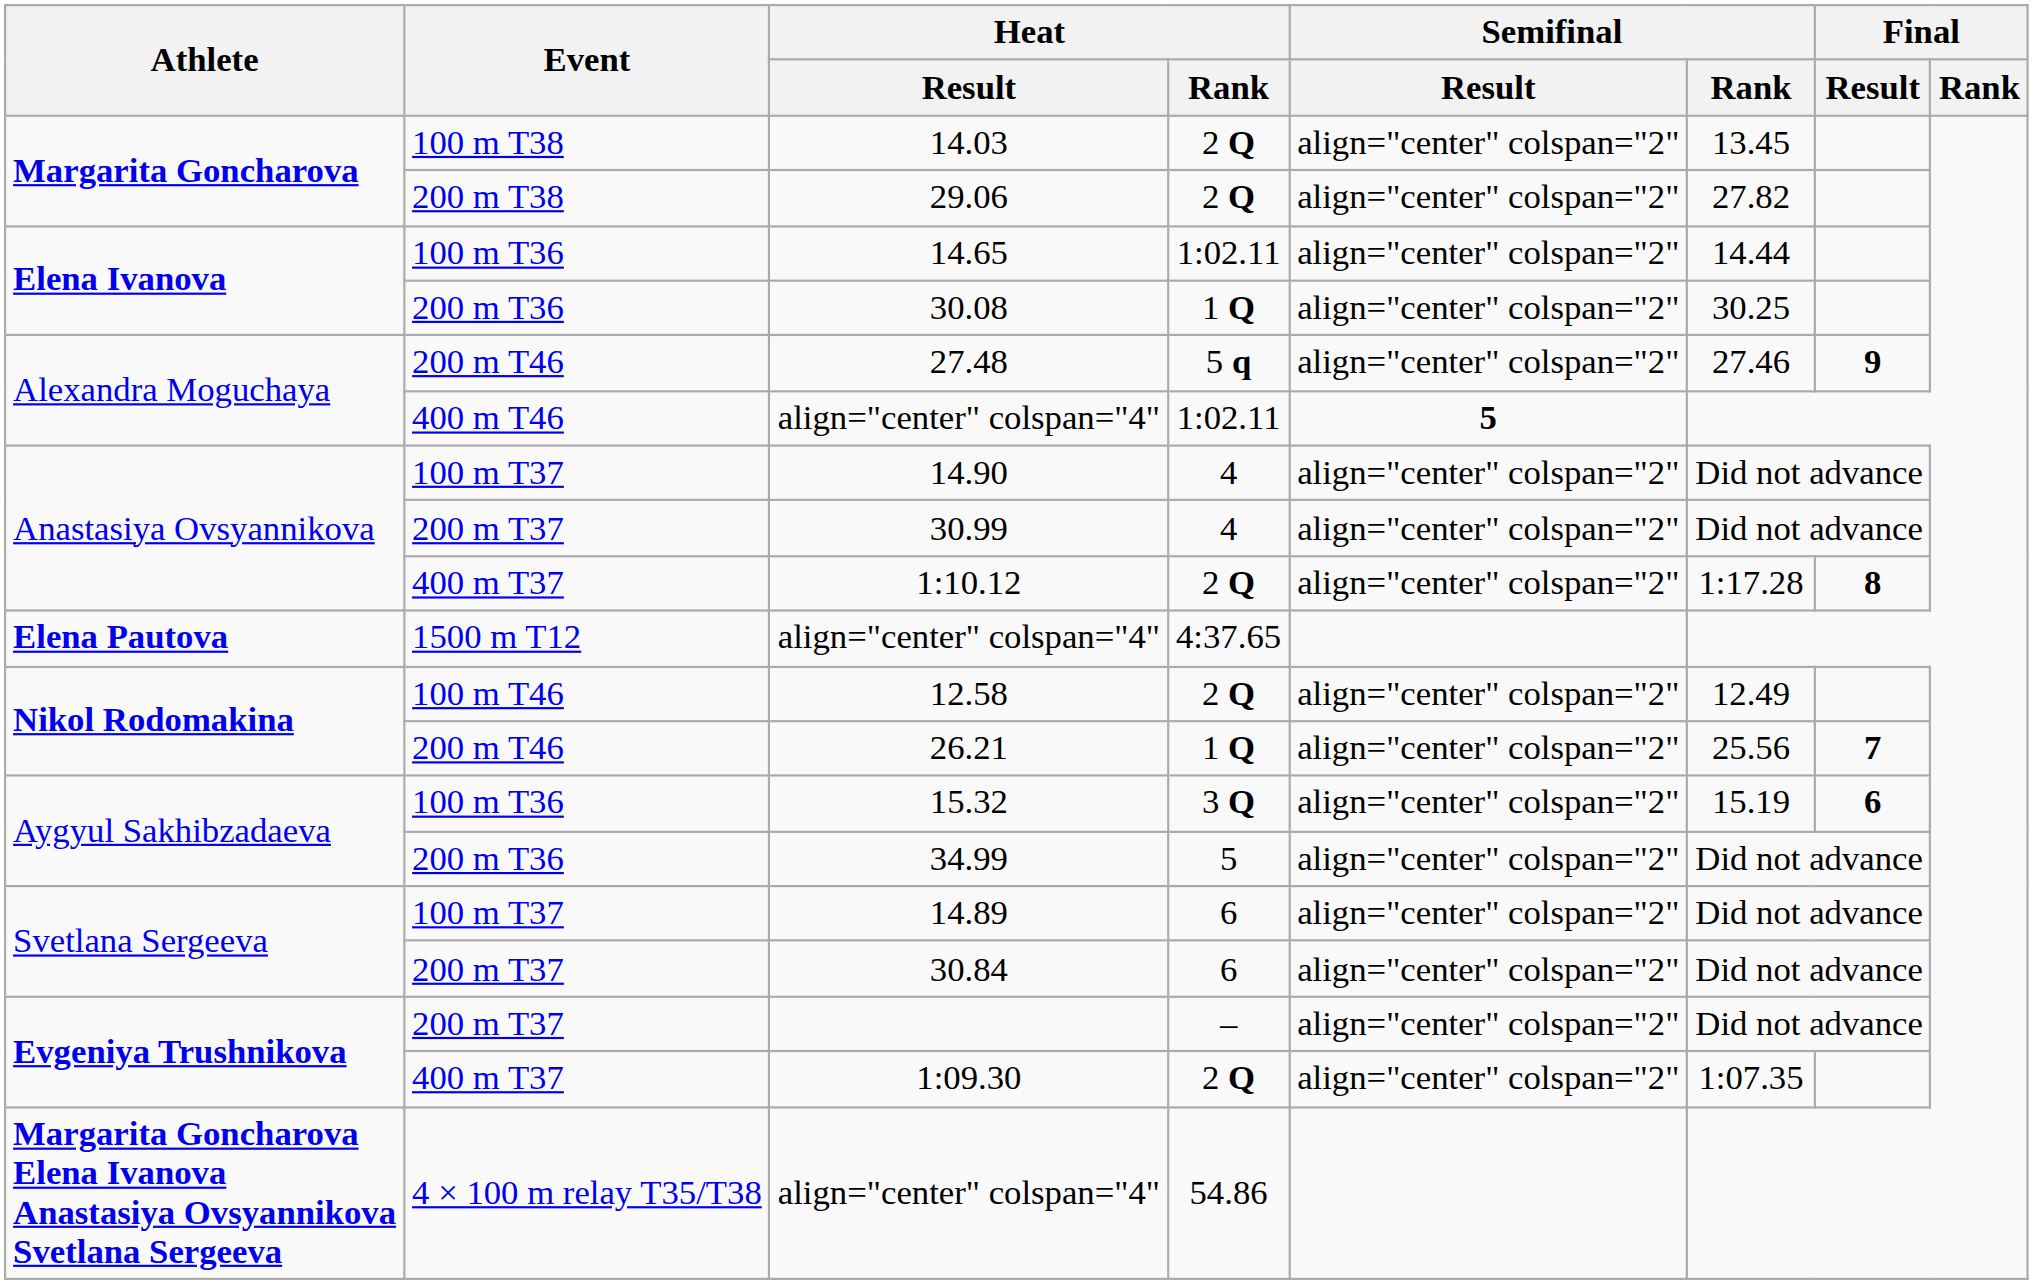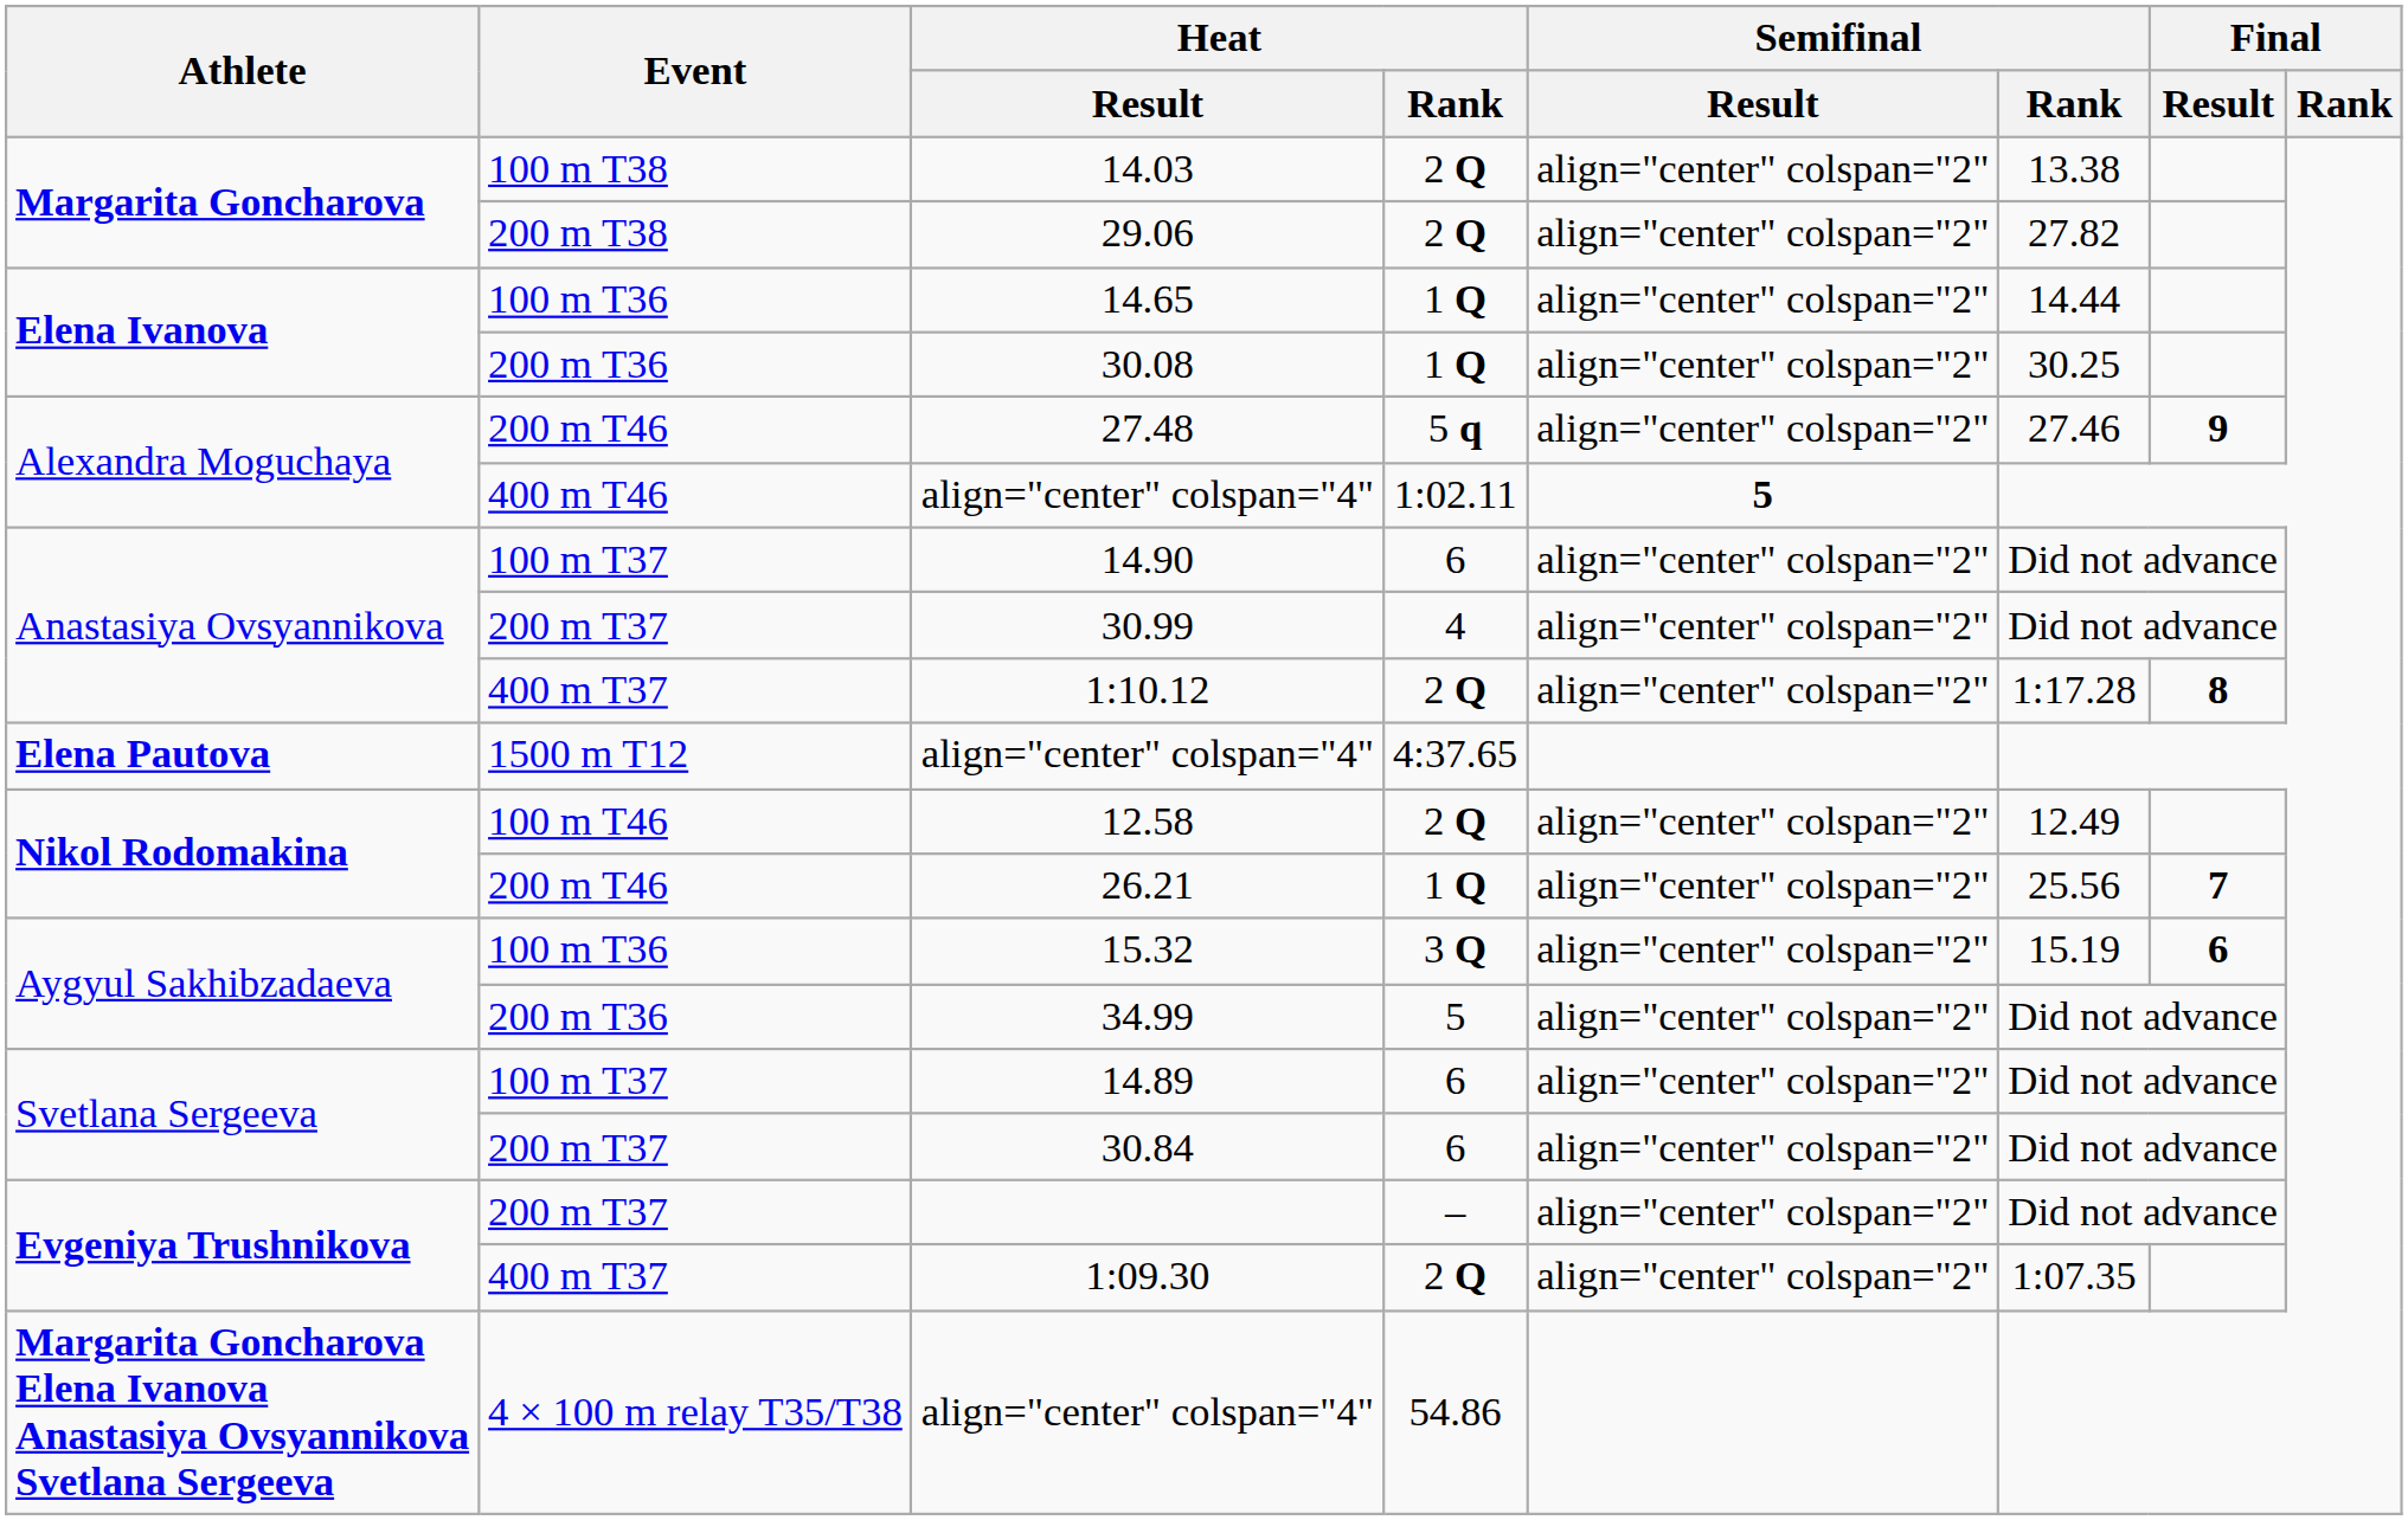 <table class="wikitable">
 <tr>
 <th rowspan="2">Athlete</th>
 <th rowspan="2">Event</th>
 <th colspan="2">Heat</th>
 <th colspan="2">Semifinal</th>
 <th colspan="2">Final</th>
 </tr>
 <tr>
 <th>Result</th>
 <th>Rank</th>
 <th>Result</th>
 <th>Rank</th>
 <th>Result</th>
 <th>Rank</th>
 </tr>
 <tr>
 <td rowspan=2><strong><a href='#'>Margarita Goncharova</a></strong></td>
 <td><a href='#'>100 m T38</a></td>
 <td align="center">14.03</td>
 <td align="center">2 <strong>Q</strong></td>
 <td>align="center" colspan="2" </td>
-<td align="center">13.45 <strong></strong></td>
+<td align="center">13.38 <strong></strong></td>
 <td align="center"></td>
 </tr>
 <tr>
 <td><a href='#'>200 m T38</a></td>
 <td align="center">29.06</td>
 <td align="center">2 <strong>Q</strong></td>
 <td>align="center" colspan="2" </td>
 <td align="center">27.82 <strong></strong></td>
 <td align="center"></td>
 </tr>
 <tr>
 <td rowspan=2><strong><a href='#'>Elena Ivanova</a></strong></td>
 <td><a href='#'>100 m T36</a></td>
 <td align="center">14.65</td>
-<td align="center">1:02.11 <strong></strong></td>
+<td align="center">1 <strong>Q</strong></td>
 <td>align="center" colspan="2" </td>
 <td align="center">14.44</td>
 <td align="center"></td>
 </tr>
 <tr>
 <td><a href='#'>200 m T36</a></td>
 <td align="center">30.08</td>
 <td align="center">1 <strong>Q</strong></td>
 <td>align="center" colspan="2" </td>
 <td align="center">30.25</td>
 <td align="center"></td>
 </tr>
 <tr>
 <td rowspan=2><a href='#'>Alexandra Moguchaya</a></td>
 <td><a href='#'>200 m T46</a></td>
 <td align="center">27.48</td>
 <td align="center">5 <strong>q</strong></td>
 <td>align="center" colspan="2" </td>
 <td align="center">27.46 <strong></strong></td>
 <td align="center"><strong>9</strong></td>
 </tr>
 <tr>
 <td><a href='#'>400 m T46</a></td>
 <td>align="center" colspan="4" </td>
 <td align="center">1:02.11 <strong></strong></td>
 <td align="center"><strong>5</strong></td>
 </tr>
 <tr>
 <td rowspan=3><a href='#'>Anastasiya Ovsyannikova</a></td>
 <td><a href='#'>100 m T37</a></td>
 <td align="center">14.90</td>
-<td align="center">4</td>
+<td align="center">6</td>
 <td>align="center" colspan="2" </td>
 <td align="center" colspan=2>Did not advance</td>
 </tr>
 <tr>
 <td><a href='#'>200 m T37</a></td>
 <td align="center">30.99</td>
 <td align="center">4</td>
 <td>align="center" colspan="2" </td>
 <td align="center" colspan=2>Did not advance</td>
 </tr>
 <tr>
 <td><a href='#'>400 m T37</a></td>
 <td align="center">1:10.12</td>
 <td align="center">2 <strong>Q</strong></td>
 <td>align="center" colspan="2" </td>
 <td align="center">1:17.28</td>
 <td align="center"><strong>8</strong></td>
 </tr>
 <tr>
 <td><strong><a href='#'>Elena Pautova</a></strong></td>
 <td><a href='#'>1500 m T12</a></td>
 <td>align="center" colspan="4" </td>
 <td align="center">4:37.65</td>
 <td align="center"></td>
 </tr>
 <tr>
 <td rowspan=2><strong><a href='#'>Nikol Rodomakina</a></strong></td>
 <td><a href='#'>100 m T46</a></td>
 <td align="center">12.58</td>
 <td align="center">2 <strong>Q</strong></td>
 <td>align="center" colspan="2" </td>
 <td align="center">12.49 <strong></strong></td>
 <td align="center"></td>
 </tr>
 <tr>
 <td><a href='#'>200 m T46</a></td>
 <td align="center">26.21</td>
 <td align="center">1 <strong>Q</strong></td>
 <td>align="center" colspan="2" </td>
 <td align="center">25.56 <strong></strong></td>
 <td align="center"><strong>7</strong></td>
 </tr>
 <tr>
 <td rowspan=2><a href='#'>Aygyul Sakhibzadaeva</a></td>
 <td><a href='#'>100 m T36</a></td>
 <td align="center">15.32</td>
 <td align="center">3 <strong>Q</strong></td>
 <td>align="center" colspan="2" </td>
 <td align="center">15.19</td>
 <td align="center"><strong>6</strong></td>
 </tr>
 <tr>
 <td><a href='#'>200 m T36</a></td>
 <td align="center">34.99</td>
 <td align="center">5</td>
 <td>align="center" colspan="2" </td>
 <td align="center" colspan=2>Did not advance</td>
 </tr>
 <tr>
 <td rowspan=2><a href='#'>Svetlana Sergeeva</a></td>
 <td><a href='#'>100 m T37</a></td>
 <td align="center">14.89</td>
 <td align="center">6</td>
 <td>align="center" colspan="2" </td>
 <td align="center" colspan=2>Did not advance</td>
 </tr>
 <tr>
 <td><a href='#'>200 m T37</a></td>
 <td align="center">30.84</td>
 <td align="center">6</td>
 <td>align="center" colspan="2" </td>
 <td align="center" colspan=2>Did not advance</td>
 </tr>
 <tr>
 <td rowspan=2><strong><a href='#'>Evgeniya Trushnikova</a></strong></td>
 <td><a href='#'>200 m T37</a></td>
 <td align="center"></td>
 <td align="center">–</td>
 <td>align="center" colspan="2" </td>
 <td align="center" colspan=2>Did not advance</td>
 </tr>
 <tr>
 <td><a href='#'>400 m T37</a></td>
 <td align="center">1:09.30</td>
 <td align="center">2 <strong>Q</strong></td>
 <td>align="center" colspan="2" </td>
 <td align="center">1:07.35 <strong></strong></td>
 <td align="center"></td>
 </tr>
 <tr>
 <td><strong><a href='#'>Margarita Goncharova</a><br><a href='#'>Elena Ivanova</a><br><a href='#'>Anastasiya Ovsyannikova</a><br><a href='#'>Svetlana Sergeeva</a></strong></td>
 <td><a href='#'>4 × 100 m relay T35/T38</a></td>
 <td>align="center" colspan="4" </td>
 <td align="center">54.86</td>
 <td align="center"></td>
 </tr>
 </table>
